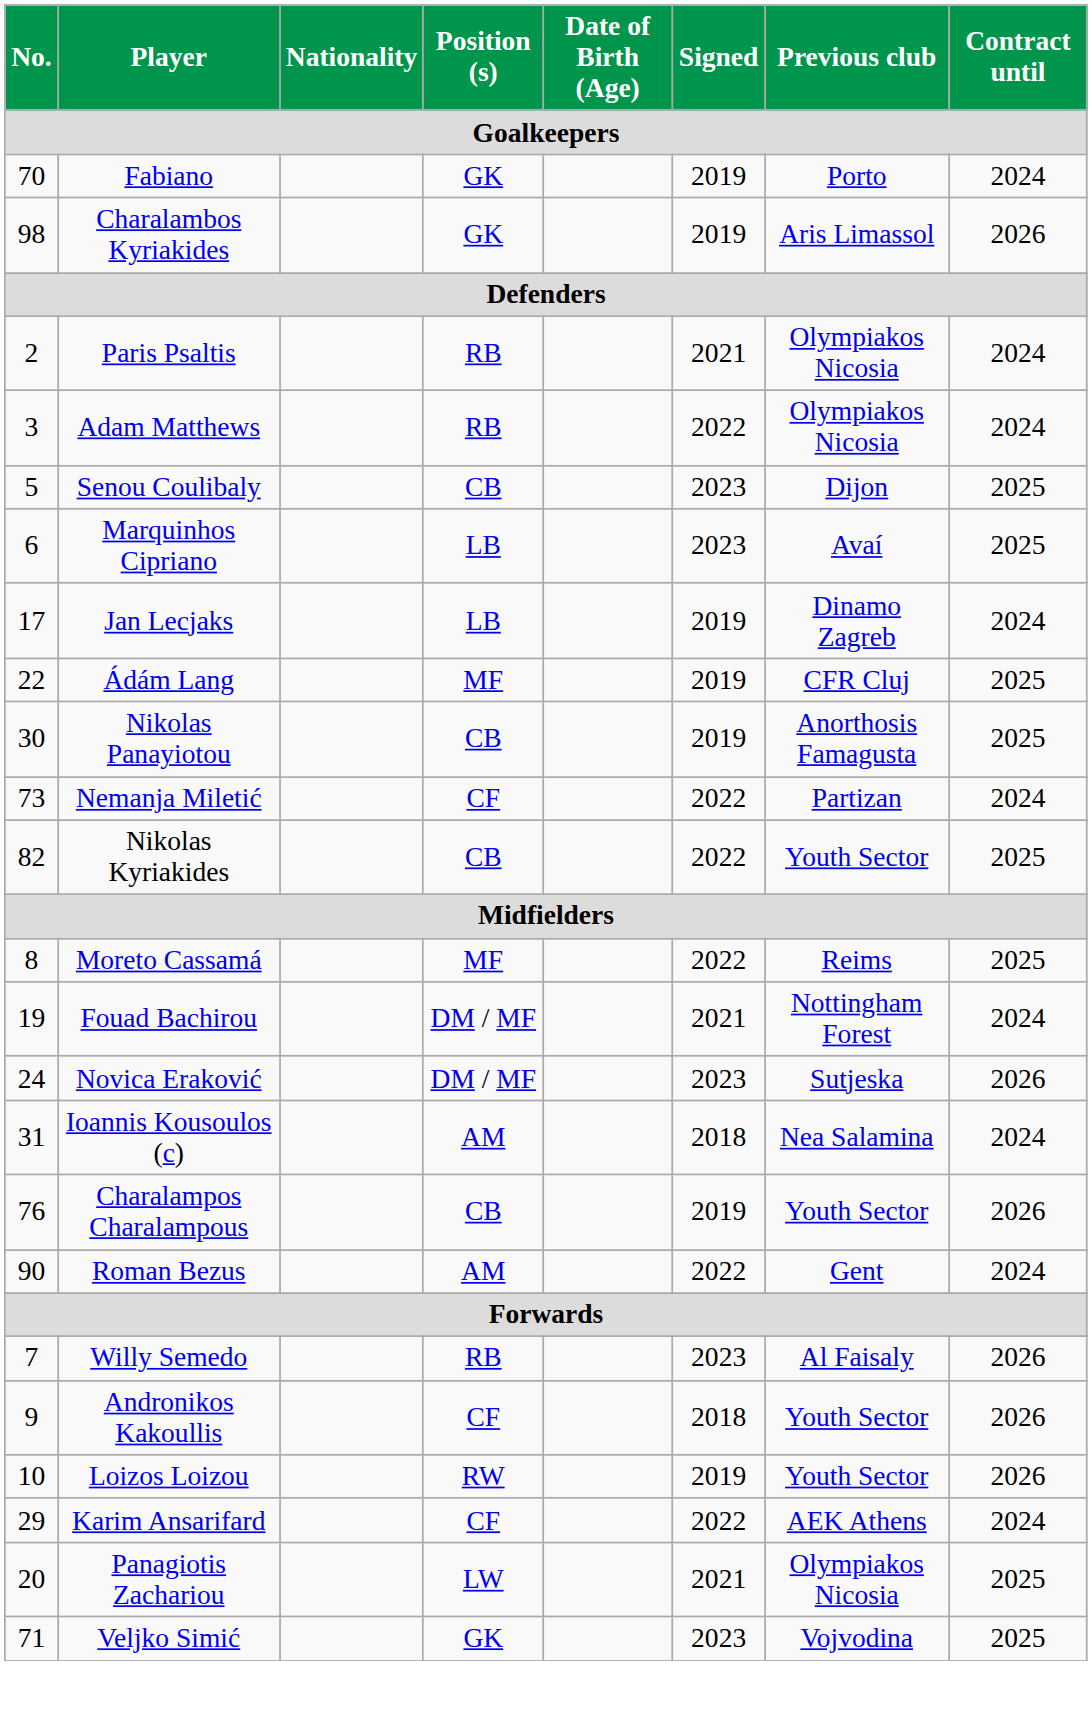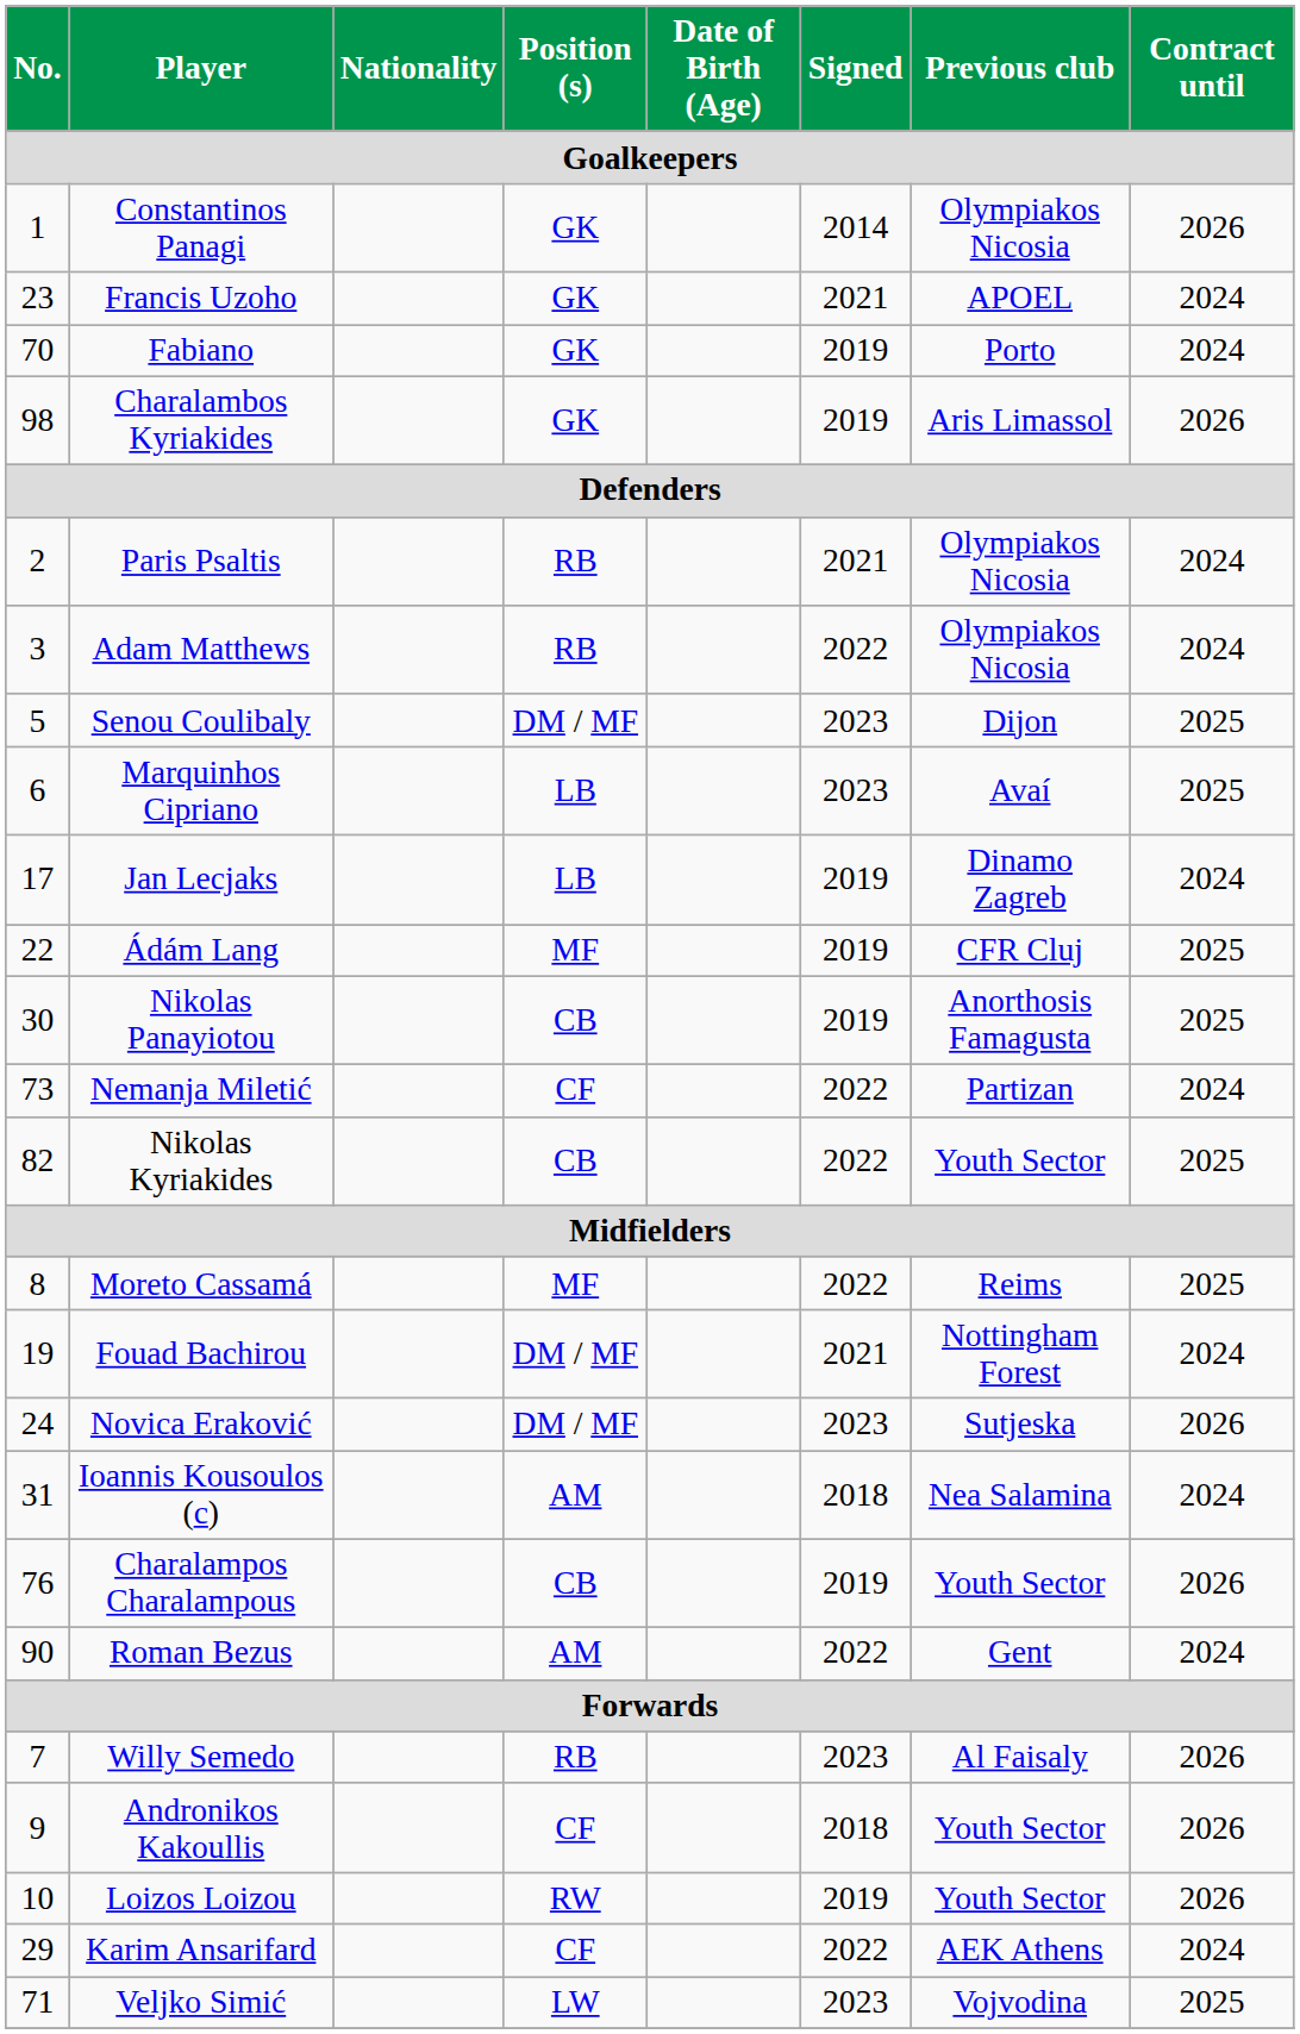 <table class="wikitable" style="text-align:center; font-size:100%; width:101%;">
 <tr>
 <th style="background:#00954C; color:#FFFFFF; ">No.</th>
 <th style="background:#00954C; color:#FFFFFF; ">Player</th>
 <th style="background:#00954C; color:#FFFFFF; ">Nationality</th>
 <th style="background:#00954C; color:#FFFFFF; ">Position (s)</th>
 <th style="background:#00954C; color:#FFFFFF; ">Date of Birth (Age)</th>
 <th style="background:#00954C; color:#FFFFFF; ">Signed</th>
 <th style="background:#00954C; color:#FFFFFF; ">Previous club</th>
 <th style="background:#00954C; color:#FFFFFF; ">Contract until</th>
 </tr>
 <tr>
 <th colspan="8" style="background:#dcdcdc; tepxt-align:center;">Goalkeepers</th>
+</tr>
+<tr>
+<td>1</td>
+<td><a href='#'>Constantinos Panagi</a></td>
+<td></td>
+<td><a href='#'>GK</a></td>
+<td></td>
+<td>2014</td>
+<td> <a href='#'>Olympiakos Nicosia</a></td>
+<td>2026</td>
+</tr>
+<tr>
+<td>23</td>
+<td><a href='#'>Francis Uzoho</a></td>
+<td></td>
+<td><a href='#'>GK</a></td>
+<td></td>
+<td>2021</td>
+<td> <a href='#'>APOEL</a></td>
+<td>2024</td>
 </tr>
 <tr>
 <td>70</td>
 <td><a href='#'>Fabiano</a></td>
 <td></td>
 <td><a href='#'>GK</a></td>
 <td></td>
 <td>2019</td>
 <td> <a href='#'>Porto</a></td>
 <td>2024</td>
 </tr>
 <tr>
 <td>98</td>
 <td><a href='#'>Charalambos Kyriakides</a></td>
 <td></td>
 <td><a href='#'>GK</a></td>
 <td></td>
 <td>2019</td>
 <td> <a href='#'>Aris Limassol</a></td>
 <td>2026</td>
 </tr>
 <tr>
 <th colspan="8" style="background:#dcdcdc; tepxt-align:center;">Defenders</th>
 </tr>
 <tr>
 <td>2</td>
 <td><a href='#'>Paris Psaltis</a></td>
 <td></td>
 <td><a href='#'>RB</a></td>
 <td></td>
 <td>2021</td>
 <td> <a href='#'>Olympiakos Nicosia</a></td>
 <td>2024</td>
 </tr>
 <tr>
 <td>3</td>
 <td><a href='#'>Adam Matthews</a></td>
 <td></td>
 <td><a href='#'>RB</a></td>
 <td></td>
 <td>2022</td>
 <td> <a href='#'>Olympiakos Nicosia</a></td>
 <td>2024</td>
 </tr>
 <tr>
 <td>5</td>
 <td><a href='#'>Senou Coulibaly</a></td>
 <td></td>
-<td><a href='#'>CB</a></td>
+<td><a href='#'>DM</a> / <a href='#'>MF</a></td>
 <td></td>
 <td>2023</td>
 <td> <a href='#'>Dijon</a></td>
 <td>2025</td>
 </tr>
 <tr>
 <td>6</td>
 <td><a href='#'>Marquinhos Cipriano</a></td>
 <td></td>
 <td><a href='#'>LB</a></td>
 <td></td>
 <td>2023</td>
 <td> <a href='#'>Avaí</a></td>
 <td>2025</td>
 </tr>
 <tr>
 <td>17</td>
 <td><a href='#'>Jan Lecjaks</a></td>
 <td></td>
 <td><a href='#'>LB</a></td>
 <td></td>
 <td>2019</td>
 <td> <a href='#'>Dinamo Zagreb</a></td>
 <td>2024</td>
 </tr>
 <tr>
 <td>22</td>
 <td><a href='#'>Ádám Lang</a></td>
 <td></td>
 <td><a href='#'>MF</a></td>
 <td></td>
 <td>2019</td>
 <td> <a href='#'>CFR Cluj</a></td>
 <td>2025</td>
 </tr>
 <tr>
 <td>30</td>
 <td><a href='#'>Nikolas Panayiotou</a></td>
 <td></td>
 <td><a href='#'>CB</a></td>
 <td></td>
 <td>2019</td>
 <td> <a href='#'>Anorthosis Famagusta</a></td>
 <td>2025</td>
 </tr>
 <tr>
 <td>73</td>
 <td><a href='#'>Nemanja Miletić</a></td>
 <td></td>
 <td><a href='#'>CF</a></td>
 <td></td>
 <td>2022</td>
 <td> <a href='#'>Partizan</a></td>
 <td>2024</td>
 </tr>
 <tr>
 <td>82</td>
 <td>Nikolas Kyriakides</td>
 <td></td>
 <td><a href='#'>CB</a></td>
 <td></td>
 <td>2022</td>
 <td> <a href='#'>Youth Sector</a></td>
 <td>2025</td>
 </tr>
 <tr>
 <th colspan="8" style="background:#dcdcdc; tepxt-align:center;">Midfielders</th>
 </tr>
 <tr>
 <td>8</td>
 <td><a href='#'>Moreto Cassamá</a></td>
 <td></td>
 <td><a href='#'>MF</a></td>
 <td></td>
 <td>2022</td>
 <td> <a href='#'>Reims</a></td>
 <td>2025</td>
 </tr>
 <tr>
 <td>19</td>
 <td><a href='#'>Fouad Bachirou</a></td>
 <td></td>
 <td><a href='#'>DM</a> / <a href='#'>MF</a></td>
 <td></td>
 <td>2021</td>
 <td> <a href='#'>Nottingham Forest</a></td>
 <td>2024</td>
 </tr>
 <tr>
 <td>24</td>
 <td><a href='#'>Novica Eraković</a></td>
 <td></td>
 <td><a href='#'>DM</a> / <a href='#'>MF</a></td>
 <td></td>
 <td>2023</td>
 <td> <a href='#'>Sutjeska</a></td>
 <td>2026</td>
 </tr>
 <tr>
 <td>31</td>
 <td><a href='#'>Ioannis Kousoulos</a> (<a href='#'>c</a>)</td>
 <td></td>
 <td><a href='#'>AM</a></td>
 <td></td>
 <td>2018</td>
 <td> <a href='#'>Nea Salamina</a></td>
 <td>2024</td>
 </tr>
 <tr>
 <td>76</td>
 <td><a href='#'>Charalampos Charalampous</a></td>
 <td></td>
 <td><a href='#'>CB</a></td>
 <td></td>
 <td>2019</td>
 <td> <a href='#'>Youth Sector</a></td>
 <td>2026</td>
 </tr>
 <tr>
 <td>90</td>
 <td><a href='#'>Roman Bezus</a></td>
 <td></td>
 <td><a href='#'>AM</a></td>
 <td></td>
 <td>2022</td>
 <td> <a href='#'>Gent</a></td>
 <td>2024</td>
 </tr>
 <tr>
 <th colspan="8" style="background:#dcdcdc; tepxt-align:center;">Forwards</th>
 </tr>
 <tr>
 <td>7</td>
 <td><a href='#'>Willy Semedo</a></td>
 <td></td>
 <td><a href='#'>RB</a></td>
 <td></td>
 <td>2023</td>
 <td> <a href='#'>Al Faisaly</a></td>
 <td>2026</td>
 </tr>
 <tr>
 <td>9</td>
 <td><a href='#'>Andronikos Kakoullis</a></td>
 <td></td>
 <td><a href='#'>CF</a></td>
 <td></td>
 <td>2018</td>
 <td> <a href='#'>Youth Sector</a></td>
 <td>2026</td>
 </tr>
 <tr>
 <td>10</td>
 <td><a href='#'>Loizos Loizou</a></td>
 <td></td>
 <td><a href='#'>RW</a></td>
 <td></td>
 <td>2019</td>
 <td> <a href='#'>Youth Sector</a></td>
 <td>2026</td>
 </tr>
 <tr>
 <td>29</td>
 <td><a href='#'>Karim Ansarifard</a></td>
 <td></td>
 <td><a href='#'>CF</a></td>
 <td></td>
 <td>2022</td>
 <td> <a href='#'>AEK Athens</a></td>
 <td>2024</td>
 </tr>
 <tr>
-<td>20</td>
-<td><a href='#'>Panagiotis Zachariou</a></td>
-<td></td>
-<td><a href='#'>LW</a></td>
-<td></td>
-<td>2021</td>
-<td> <a href='#'>Olympiakos Nicosia</a></td>
-<td>2025</td>
-</tr>
-<tr>
 <td>71</td>
 <td><a href='#'>Veljko Simić</a></td>
 <td></td>
-<td><a href='#'>GK</a></td>
+<td><a href='#'>LW</a></td>
 <td></td>
 <td>2023</td>
 <td> <a href='#'>Vojvodina</a></td>
 <td>2025</td>
 </tr>
 <tr>
 </tr>
 </table>
